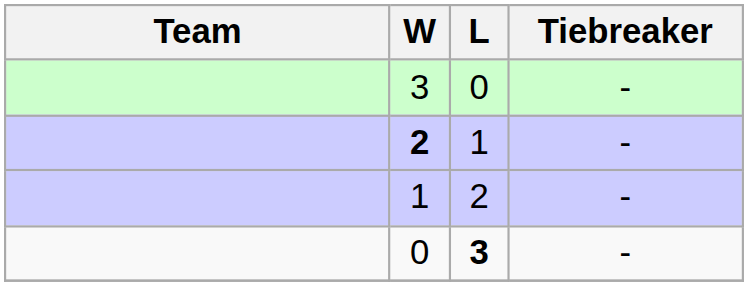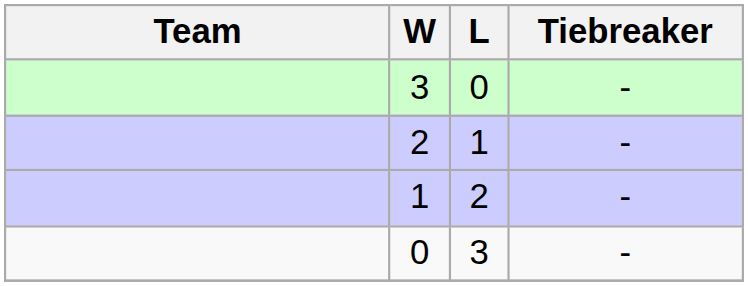 <table class=wikitable style=text-align:center>
 <tr>
 <th width=170>Team</th>
 <th width=20>W</th>
 <th width=20>L</th>
 <th width=100>Tiebreaker</th>
 </tr>
 <tr bgcolor=#ccffcc>
 <td align=left></td>
 <td>3</td>
 <td>0</td>
 <td>-</td>
 </tr>
 <tr style="background:#ccccff;">
 <td align=left></td>
-<td><strong>2</strong></td>
+<td>2</td>
 <td>1</td>
 <td>-</td>
 </tr>
 <tr style="background:#ccccff;">
 <td align=left></td>
 <td>1</td>
 <td>2</td>
 <td>-</td>
 </tr>
 <tr>
 <td align=left></td>
 <td>0</td>
-<td><strong>3</strong></td>
+<td>3</td>
 <td>-</td>
 </tr>
 <tr>
 </tr>
 </table>
